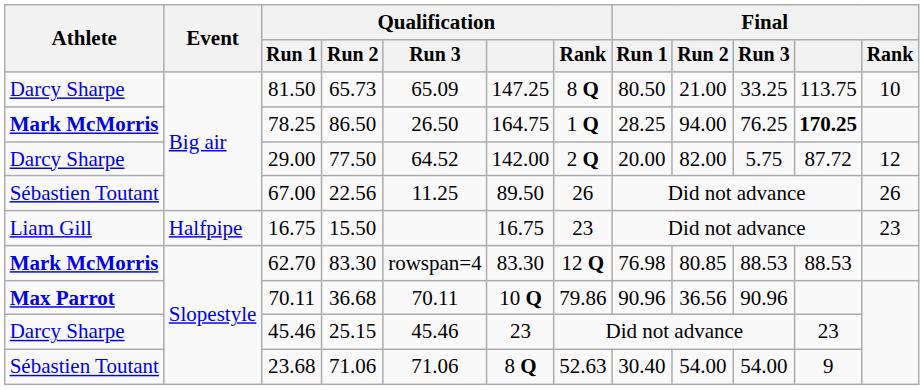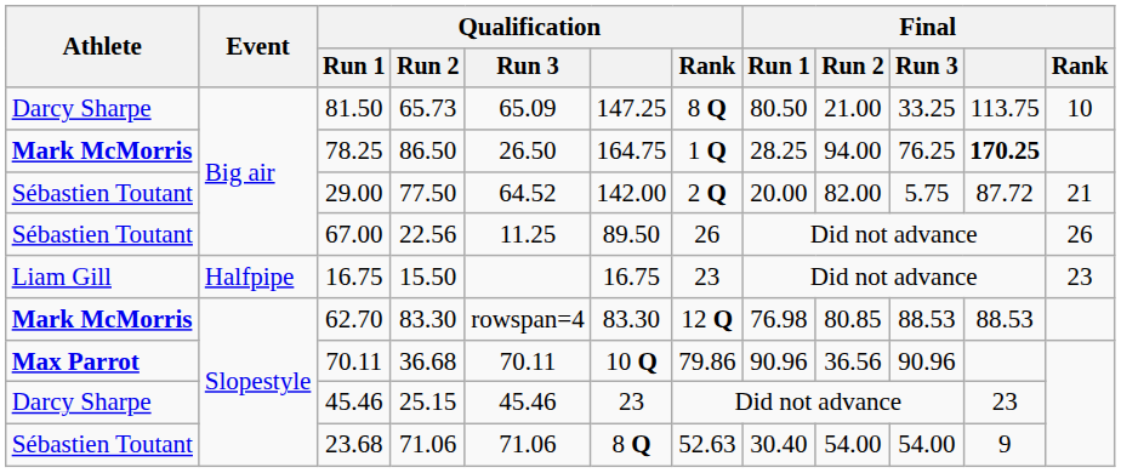 <table class=wikitable style=font-size:90%;text-align:center>
 <tr>
 <th rowspan=2>Athlete</th>
 <th rowspan=2>Event</th>
 <th colspan=5>Qualification</th>
 <th colspan=5>Final</th>
 </tr>
 <tr style=font-size:95%>
 <th>Run 1</th>
 <th>Run 2</th>
 <th>Run 3</th>
 <th></th>
 <th>Rank</th>
 <th>Run 1</th>
 <th>Run 2</th>
 <th>Run 3</th>
 <th></th>
 <th>Rank</th>
 </tr>
 <tr>
 <td align=left><a href='#'>Darcy Sharpe</a></td>
 <td align=left rowspan=4><a href='#'>Big air</a></td>
 <td>81.50</td>
 <td>65.73</td>
 <td>65.09</td>
 <td>147.25</td>
 <td>8 <strong>Q</strong></td>
 <td>80.50</td>
 <td>21.00</td>
 <td>33.25</td>
 <td>113.75</td>
 <td>10</td>
 </tr>
 <tr>
 <td align=left><strong><a href='#'>Mark McMorris</a></strong></td>
 <td>78.25</td>
 <td>86.50</td>
 <td>26.50</td>
 <td>164.75</td>
 <td>1 <strong>Q</strong></td>
 <td>28.25</td>
 <td>94.00</td>
 <td>76.25</td>
 <td><strong>170.25</strong></td>
 <td></td>
 </tr>
 <tr>
-<td align=left><a href='#'>Darcy Sharpe</a></td>
+<td align=left><a href='#'>Sébastien Toutant</a></td>
 <td>29.00</td>
 <td>77.50</td>
 <td>64.52</td>
 <td>142.00</td>
 <td>2 <strong>Q</strong></td>
 <td>20.00</td>
 <td>82.00</td>
 <td>5.75</td>
 <td>87.72</td>
-<td>12</td>
+<td>21</td>
 </tr>
 <tr>
 <td align=left><a href='#'>Sébastien Toutant</a></td>
 <td>67.00</td>
 <td>22.56</td>
 <td>11.25</td>
 <td>89.50</td>
 <td>26</td>
 <td colspan=4>Did not advance</td>
 <td>26</td>
 </tr>
 <tr>
 <td align=left><a href='#'>Liam Gill</a></td>
 <td align=left><a href='#'>Halfpipe</a></td>
 <td>16.75</td>
 <td>15.50</td>
 <td></td>
 <td>16.75</td>
 <td>23</td>
 <td colspan=4>Did not advance</td>
 <td>23</td>
 </tr>
 <tr>
 <td align=left><strong><a href='#'>Mark McMorris</a></strong></td>
 <td align=left rowspan=4><a href='#'>Slopestyle</a></td>
 <td>62.70</td>
 <td>83.30</td>
 <td>rowspan=4 </td>
 <td>83.30</td>
 <td>12 <strong>Q</strong></td>
 <td>76.98</td>
 <td>80.85</td>
 <td>88.53</td>
 <td>88.53</td>
 <td></td>
 </tr>
 <tr>
 <td align=left><strong><a href='#'>Max Parrot</a></strong></td>
 <td>70.11</td>
 <td>36.68</td>
 <td>70.11</td>
 <td>10 <strong>Q</strong></td>
 <td>79.86</td>
 <td>90.96</td>
 <td>36.56</td>
 <td>90.96</td>
 <td></td>
 </tr>
 <tr>
 <td align=left><a href='#'>Darcy Sharpe</a></td>
 <td>45.46</td>
 <td>25.15</td>
 <td>45.46</td>
 <td>23</td>
 <td colspan=4>Did not advance</td>
 <td>23</td>
 </tr>
 <tr>
 <td align=left><a href='#'>Sébastien Toutant</a></td>
 <td>23.68</td>
 <td>71.06</td>
 <td>71.06</td>
 <td>8 <strong>Q</strong></td>
 <td>52.63</td>
 <td>30.40</td>
 <td>54.00</td>
 <td>54.00</td>
 <td>9</td>
 </tr>
 </table>
